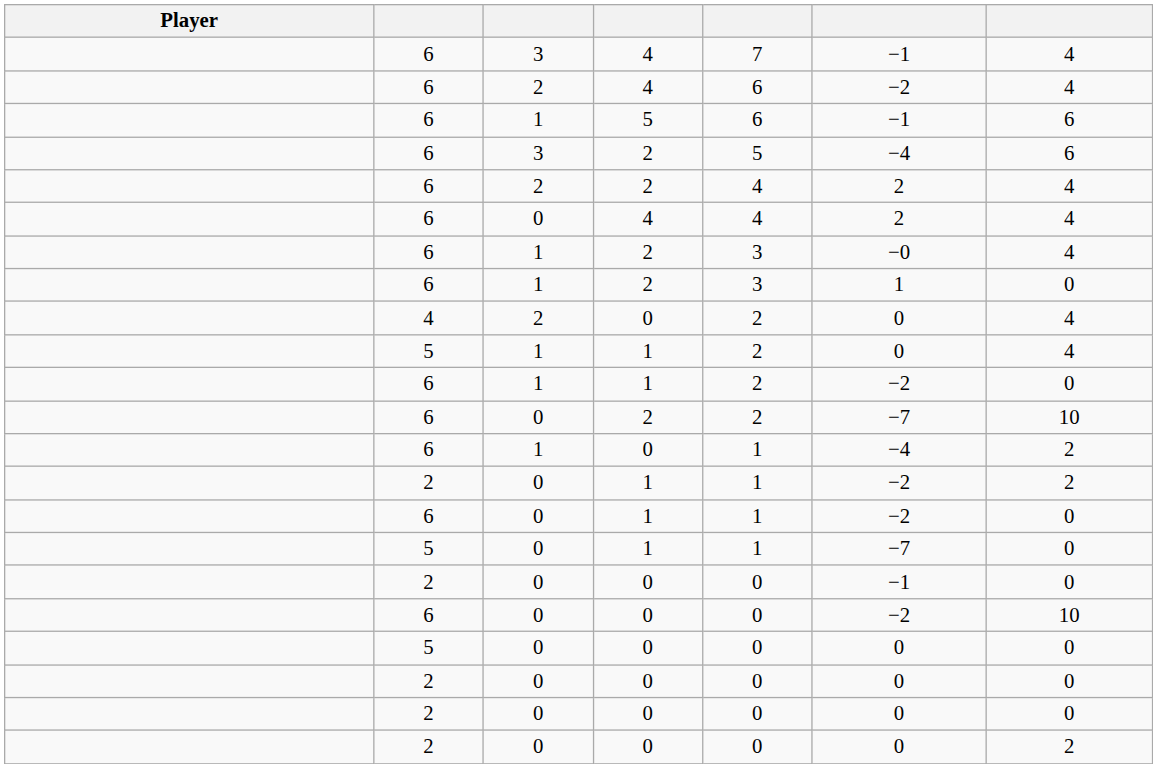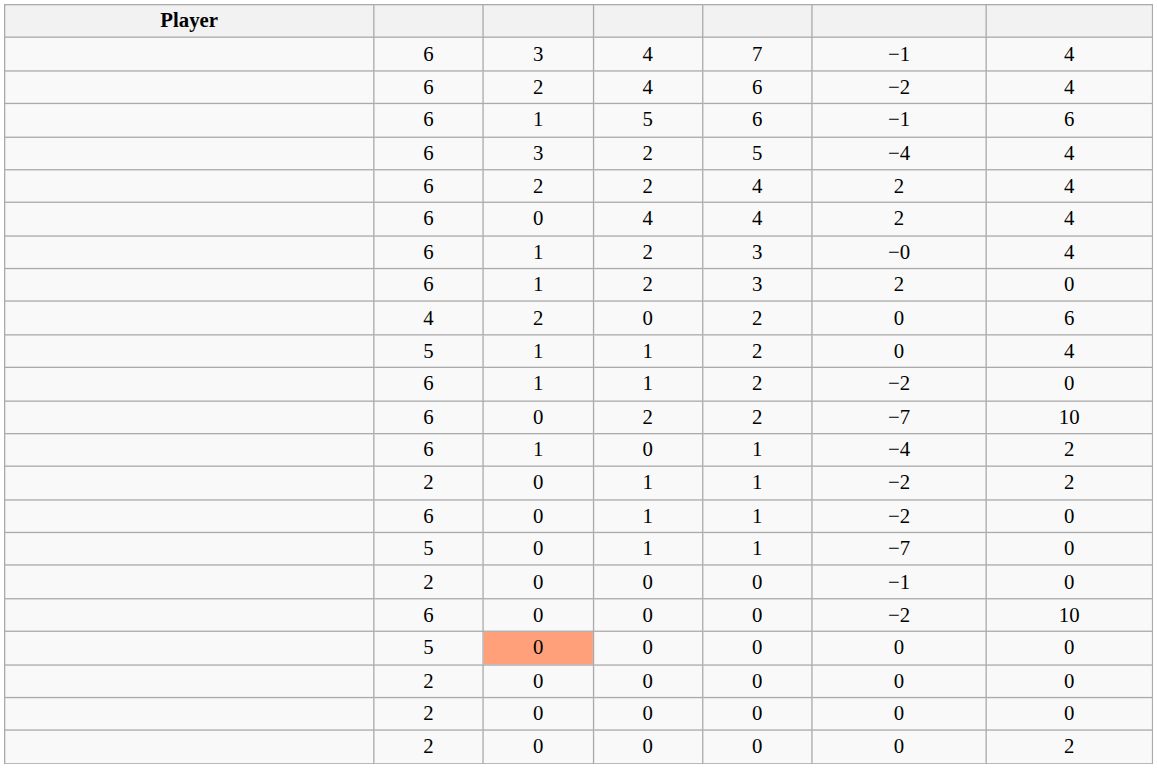 <table class="wikitable sortable" style="width:100%; text-align:center;">
 <tr>
 <th>Player</th>
 <th></th>
 <th></th>
 <th></th>
 <th></th>
 <th data-sort-type="number"></th>
 <th></th>
 </tr>
 <tr>
 <td></td>
 <td>6</td>
 <td>3</td>
 <td>4</td>
 <td>7</td>
 <td>−1</td>
 <td>4</td>
 </tr>
 <tr>
 <td></td>
 <td>6</td>
 <td>2</td>
 <td>4</td>
 <td>6</td>
 <td>−2</td>
 <td>4</td>
 </tr>
 <tr>
 <td></td>
 <td>6</td>
 <td>1</td>
 <td>5</td>
 <td>6</td>
 <td>−1</td>
 <td>6</td>
 </tr>
 <tr>
 <td></td>
 <td>6</td>
 <td>3</td>
 <td>2</td>
 <td>5</td>
 <td>−4</td>
-<td>6</td>
+<td>4</td>
 </tr>
 <tr>
 <td></td>
 <td>6</td>
 <td>2</td>
 <td>2</td>
 <td>4</td>
 <td>2</td>
 <td>4</td>
 </tr>
 <tr>
 <td></td>
 <td>6</td>
 <td>0</td>
 <td>4</td>
 <td>4</td>
 <td>2</td>
 <td>4</td>
 </tr>
 <tr>
 <td></td>
 <td>6</td>
 <td>1</td>
 <td>2</td>
 <td>3</td>
 <td>−0</td>
 <td>4</td>
 </tr>
 <tr>
 <td></td>
 <td>6</td>
 <td>1</td>
 <td>2</td>
 <td>3</td>
-<td>1</td>
+<td>2</td>
 <td>0</td>
 </tr>
 <tr>
 <td></td>
 <td>4</td>
 <td>2</td>
 <td>0</td>
 <td>2</td>
 <td>0</td>
-<td>4</td>
+<td>6</td>
 </tr>
 <tr>
 <td></td>
 <td>5</td>
 <td>1</td>
 <td>1</td>
 <td>2</td>
 <td>0</td>
 <td>4</td>
 </tr>
 <tr>
 <td></td>
 <td>6</td>
 <td>1</td>
 <td>1</td>
 <td>2</td>
 <td>−2</td>
 <td>0</td>
 </tr>
 <tr>
 <td></td>
 <td>6</td>
 <td>0</td>
 <td>2</td>
 <td>2</td>
 <td>−7</td>
 <td>10</td>
 </tr>
 <tr>
 <td></td>
 <td>6</td>
 <td>1</td>
 <td>0</td>
 <td>1</td>
 <td>−4</td>
 <td>2</td>
 </tr>
 <tr>
 <td></td>
 <td>2</td>
 <td>0</td>
 <td>1</td>
 <td>1</td>
 <td>−2</td>
 <td>2</td>
 </tr>
 <tr>
 <td></td>
 <td>6</td>
 <td>0</td>
 <td>1</td>
 <td>1</td>
 <td>−2</td>
 <td>0</td>
 </tr>
 <tr>
 <td></td>
 <td>5</td>
 <td>0</td>
 <td>1</td>
 <td>1</td>
 <td>−7</td>
 <td>0</td>
 </tr>
 <tr>
 <td></td>
 <td>2</td>
 <td>0</td>
 <td>0</td>
 <td>0</td>
 <td>−1</td>
 <td>0</td>
 </tr>
 <tr>
 <td></td>
 <td>6</td>
 <td>0</td>
 <td>0</td>
 <td>0</td>
 <td>−2</td>
 <td>10</td>
 </tr>
 <tr>
 <td></td>
 <td>5</td>
-<td>0</td>
+<td style="background: lightsalmon;">0</td>
 <td>0</td>
 <td>0</td>
 <td>0</td>
 <td>0</td>
 </tr>
 <tr>
 <td></td>
 <td>2</td>
 <td>0</td>
 <td>0</td>
 <td>0</td>
 <td>0</td>
 <td>0</td>
 </tr>
 <tr>
 <td></td>
 <td>2</td>
 <td>0</td>
 <td>0</td>
 <td>0</td>
 <td>0</td>
 <td>0</td>
 </tr>
 <tr>
 <td></td>
 <td>2</td>
 <td>0</td>
 <td>0</td>
 <td>0</td>
 <td>0</td>
 <td>2</td>
 </tr>
 </table>
